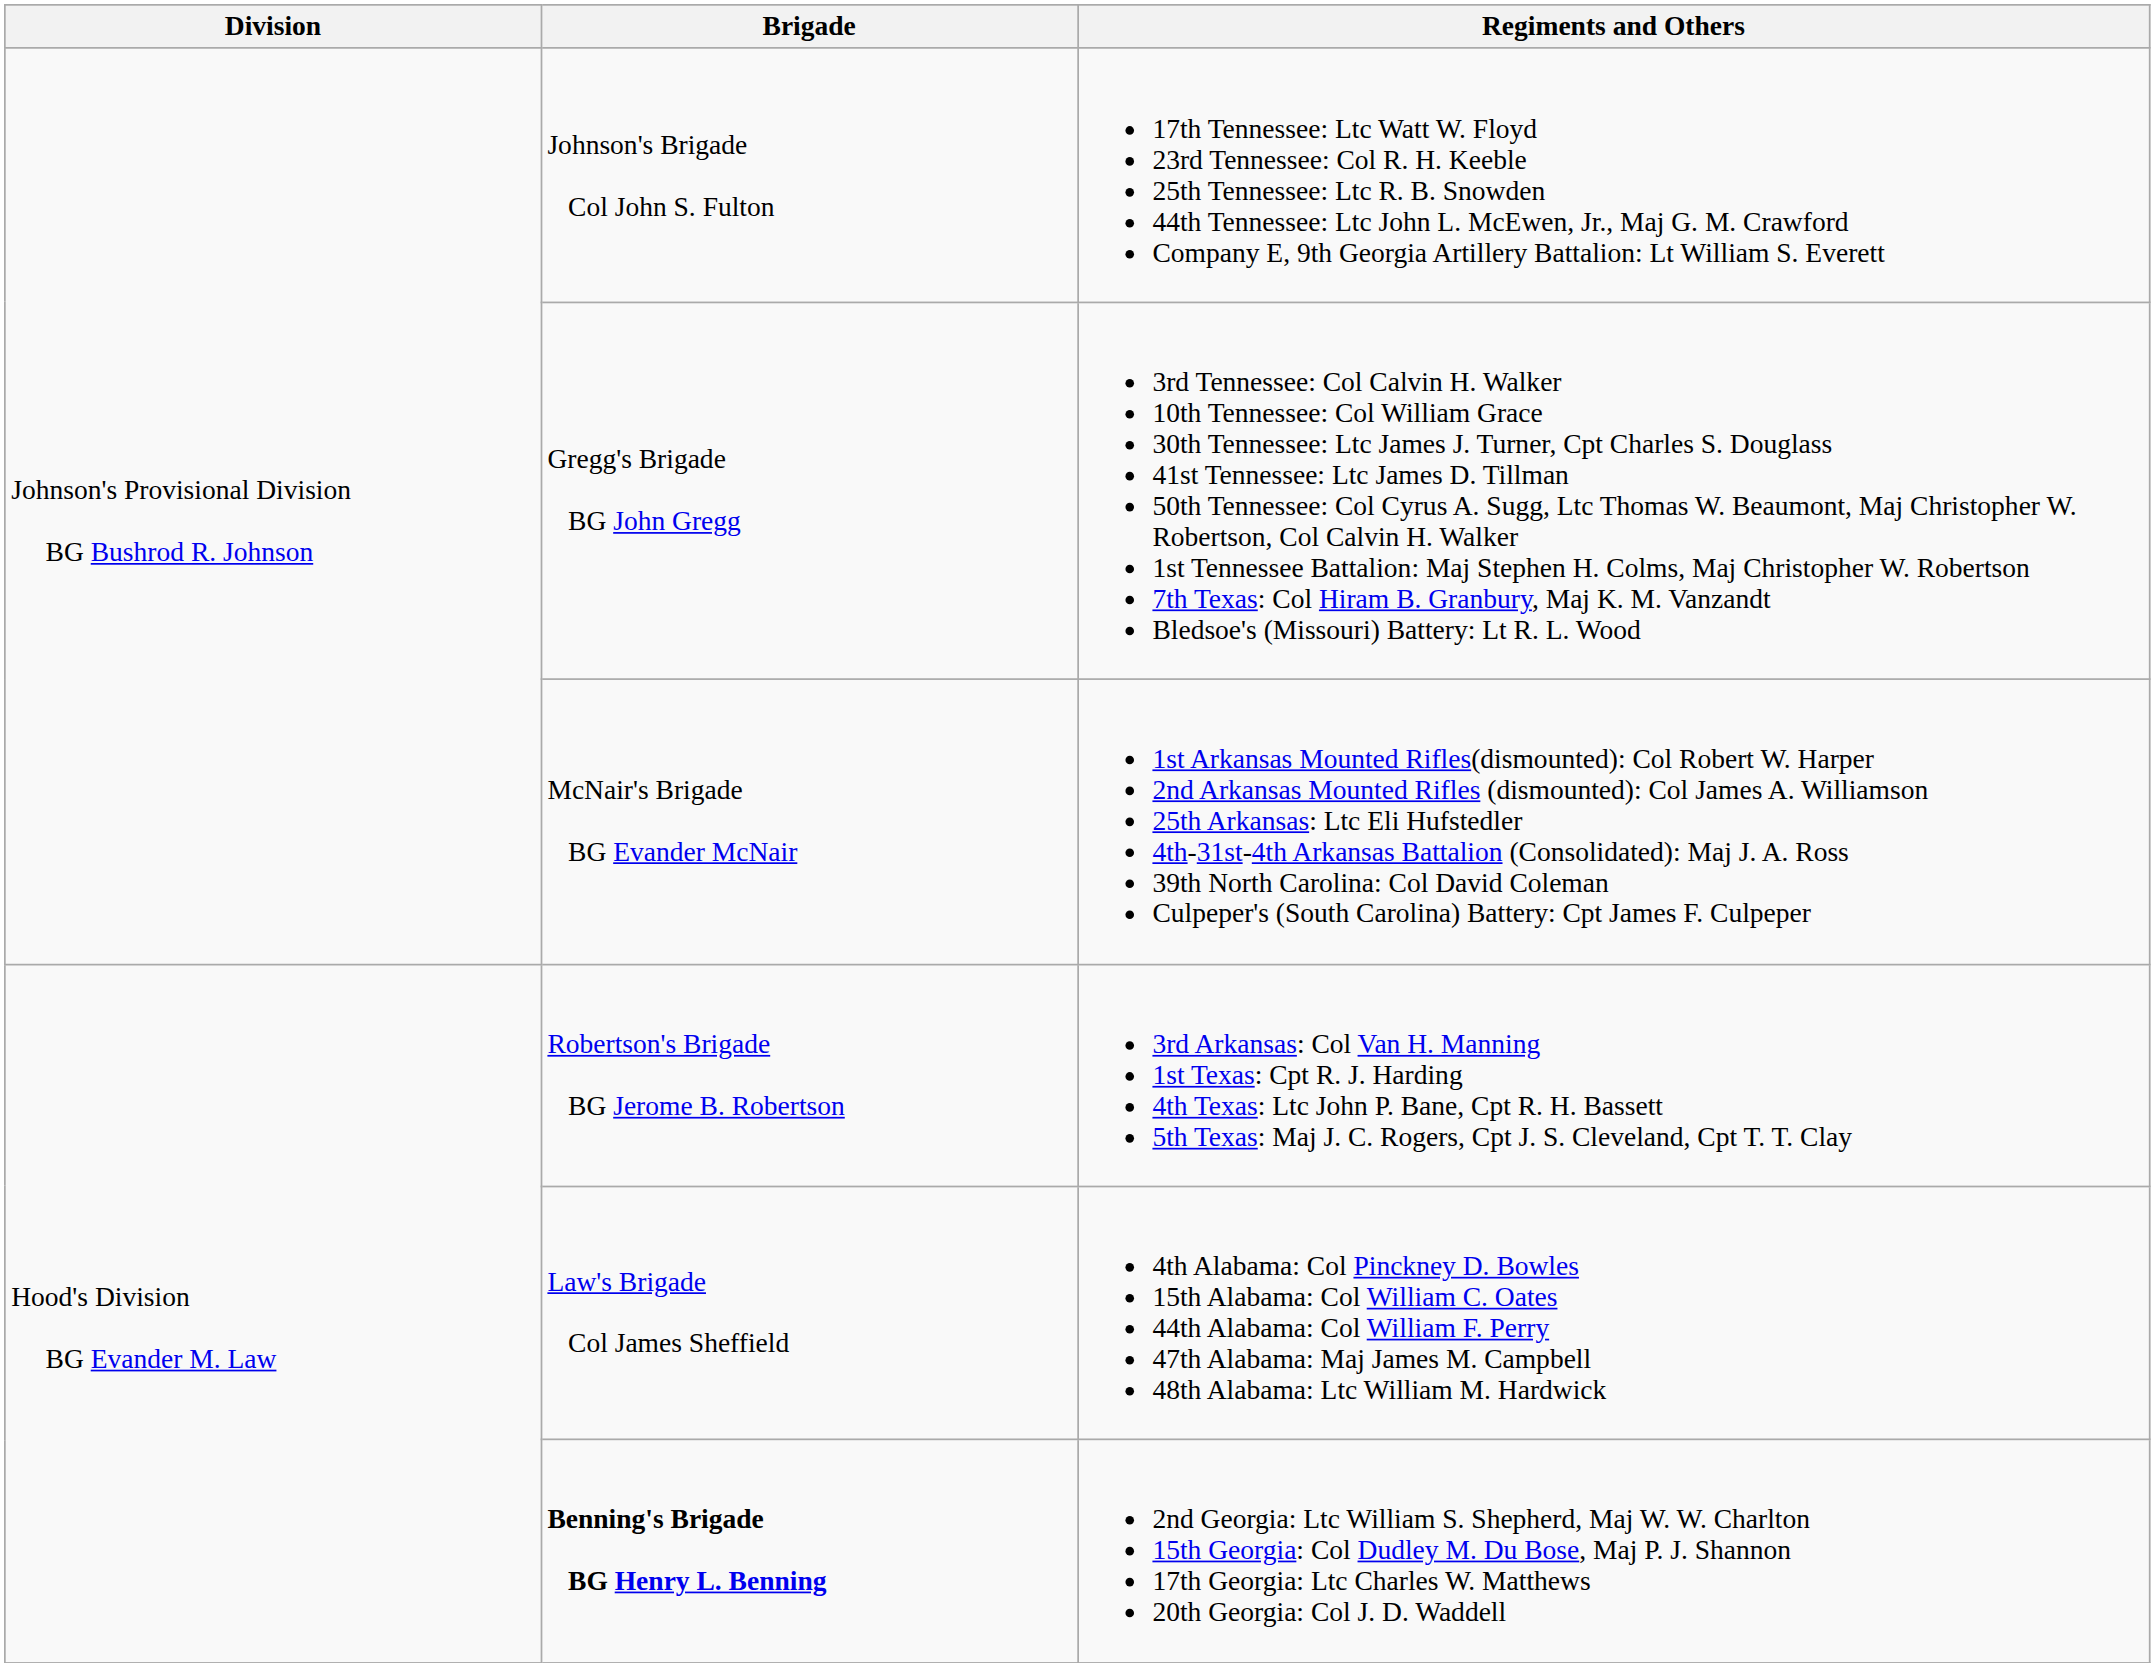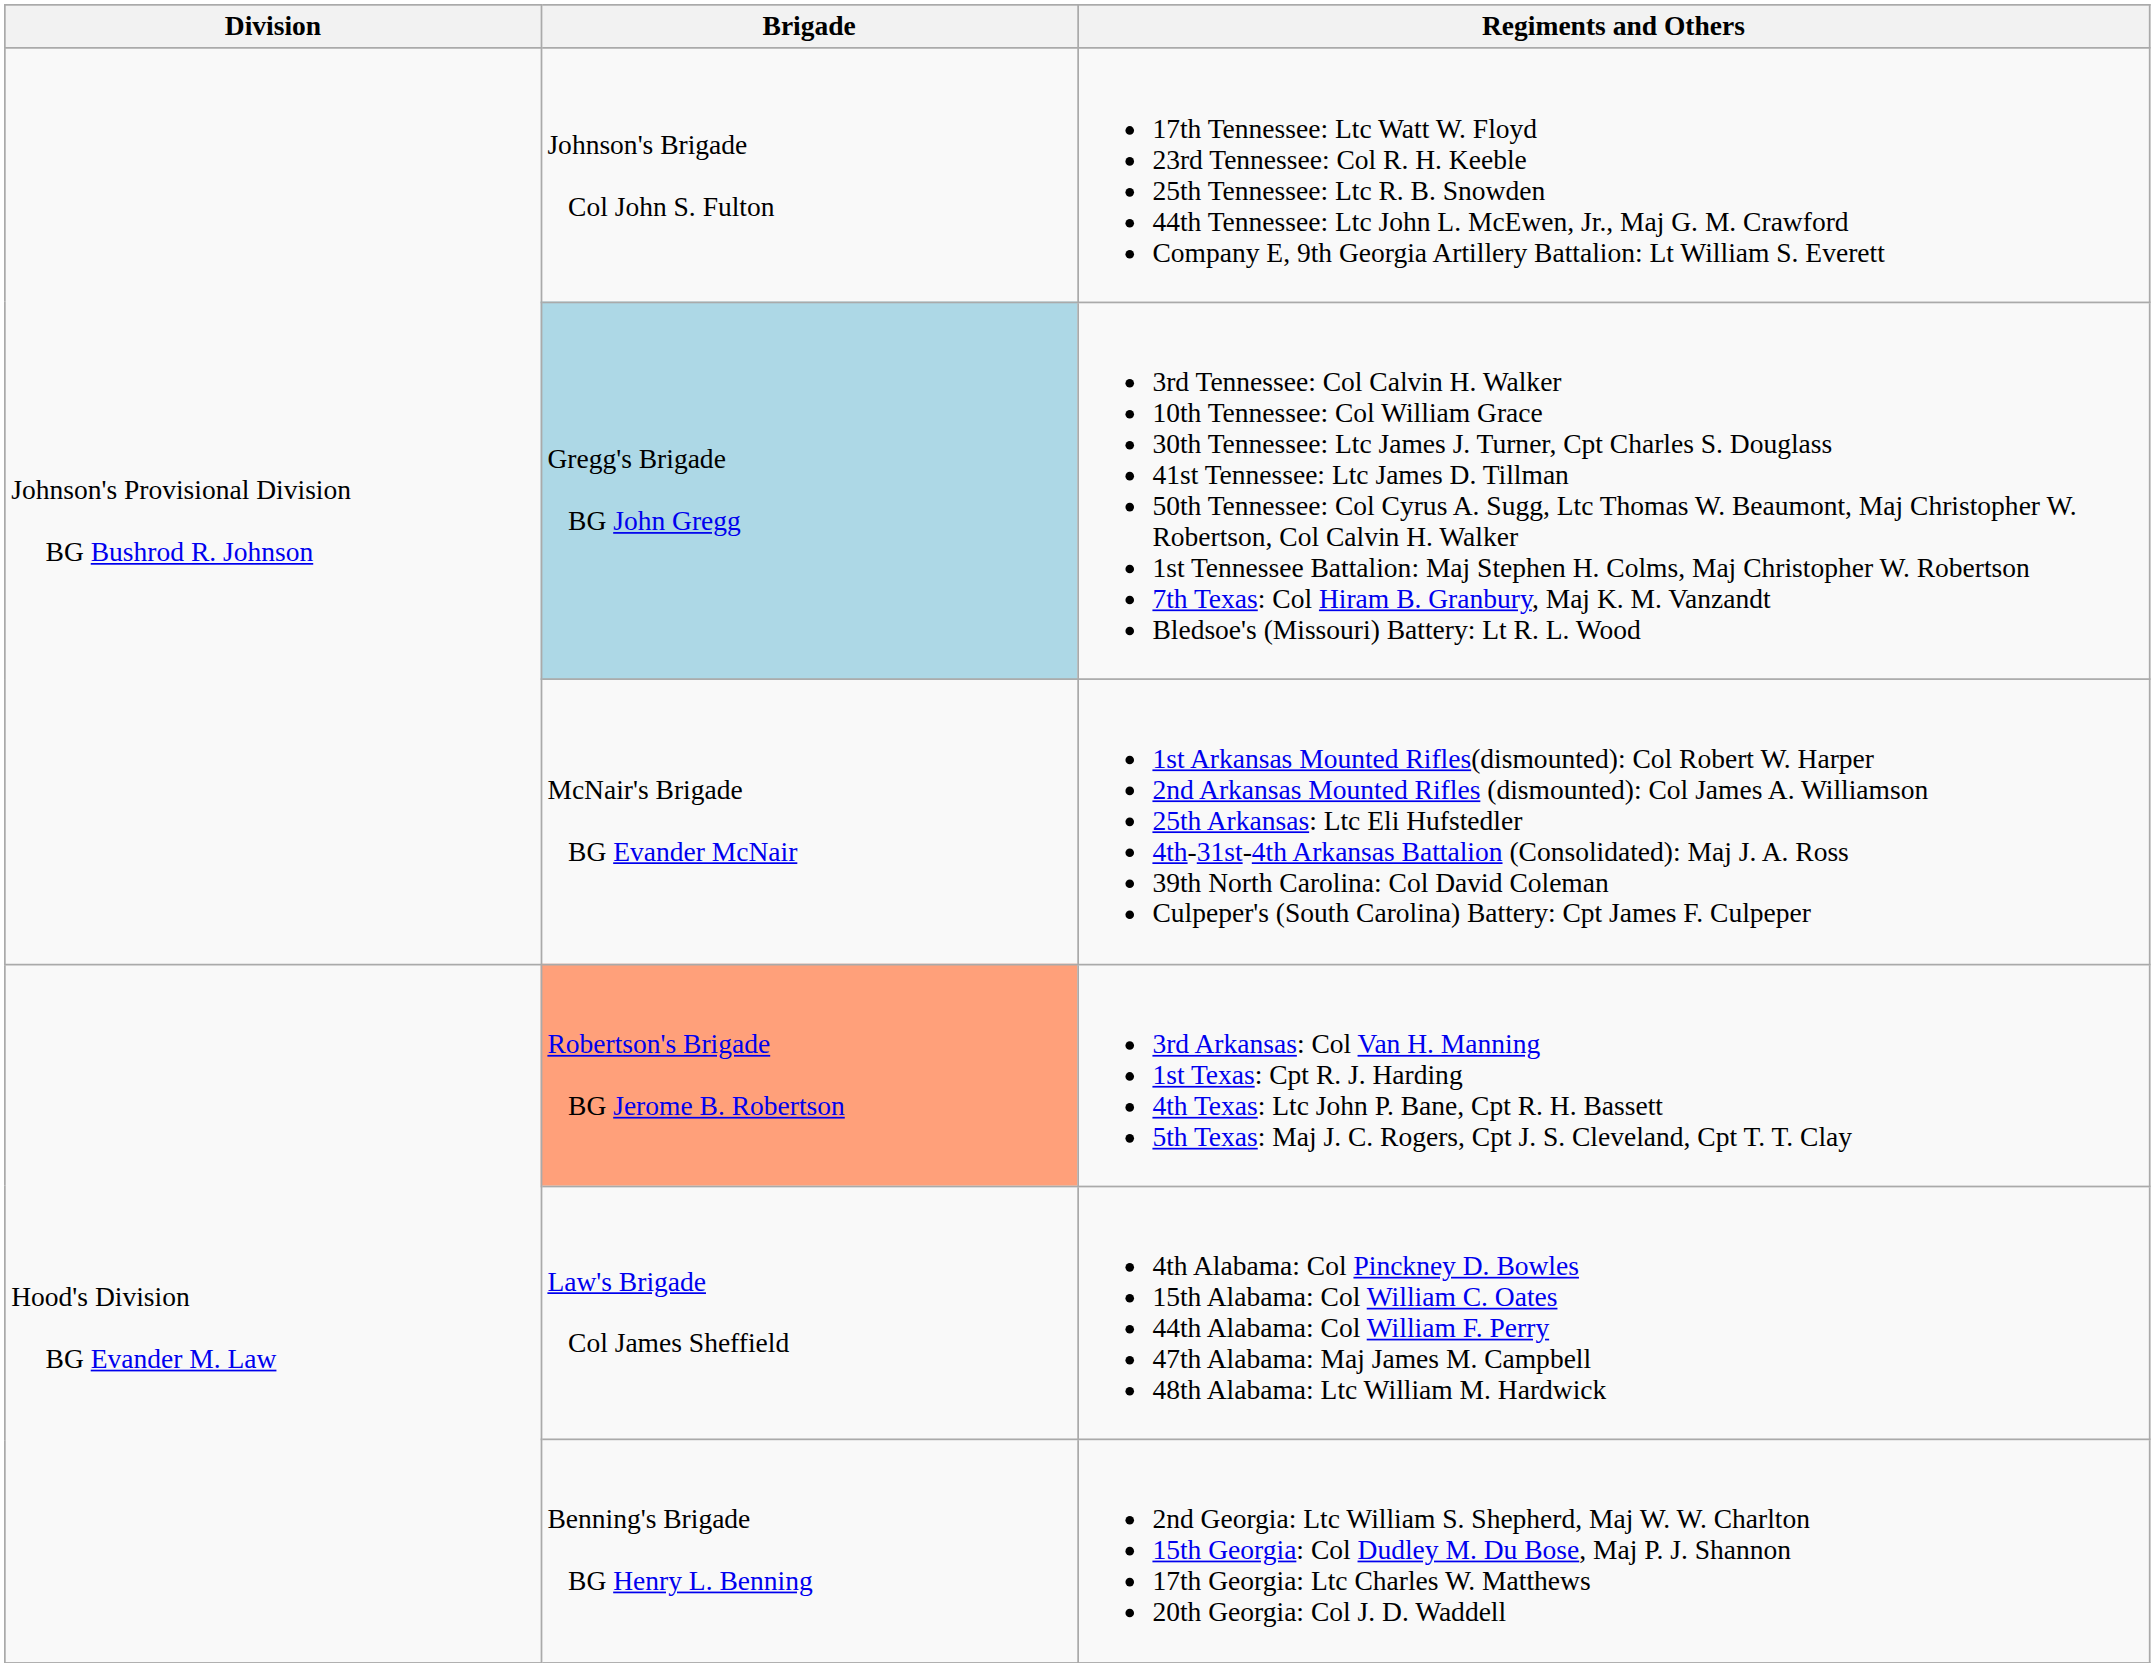 <table class="wikitable">
 <tr>
 <th width=25%>Division</th>
 <th width=25%>Brigade</th>
 <th>Regiments and Others</th>
 </tr>
 <tr>
 <td rowspan=3><br>Johnson's Provisional Division<br><br>     BG <a href='#'>Bushrod R. Johnson</a></td>
 <td>Johnson's Brigade<br><br>   Col John S. Fulton</td>
 <td><br><ul><li>17th Tennessee: Ltc Watt W. Floyd</li><li>23rd Tennessee: Col R. H. Keeble</li><li>25th Tennessee: Ltc R. B. Snowden</li><li>44th Tennessee: Ltc John L. McEwen, Jr., Maj G. M. Crawford</li><li>Company E, 9th Georgia Artillery Battalion: Lt William S. Everett</li></ul></td>
 </tr>
 <tr>
-<td>Gregg's Brigade<br><br>   BG <a href='#'>John Gregg</a></td>
+<td style="background: lightblue;">Gregg's Brigade<br><br>   BG <a href='#'>John Gregg</a></td>
 <td><br><ul><li>3rd Tennessee: Col Calvin H. Walker</li><li>10th Tennessee: Col William Grace</li><li>30th Tennessee: Ltc James J. Turner, Cpt Charles S. Douglass</li><li>41st Tennessee: Ltc James D. Tillman</li><li>50th Tennessee: Col Cyrus A. Sugg, Ltc Thomas W. Beaumont, Maj Christopher W. Robertson, Col Calvin H. Walker</li><li>1st Tennessee Battalion: Maj Stephen H. Colms, Maj Christopher W. Robertson</li><li><a href='#'>7th Texas</a>: Col <a href='#'>Hiram B. Granbury</a>, Maj K. M. Vanzandt</li><li>Bledsoe's (Missouri) Battery: Lt R. L. Wood</li></ul></td>
 </tr>
 <tr>
 <td>McNair's Brigade<br><br>   BG <a href='#'>Evander McNair</a></td>
 <td><br><ul><li><a href='#'>1st Arkansas Mounted Rifles</a>(dismounted): Col Robert W. Harper</li><li><a href='#'>2nd Arkansas Mounted Rifles</a> (dismounted):  Col James A. Williamson</li><li><a href='#'>25th Arkansas</a>: Ltc Eli Hufstedler</li><li><a href='#'>4th</a>-<a href='#'>31st</a>-<a href='#'>4th Arkansas Battalion</a> (Consolidated): Maj J. A. Ross</li><li>39th North Carolina: Col David Coleman</li><li>Culpeper's (South Carolina) Battery: Cpt James F. Culpeper</li></ul></td>
 </tr>
 <tr>
 <td rowspan=3><br>Hood's Division<br><br>     BG <a href='#'>Evander M. Law</a></td>
-<td><a href='#'>Robertson's Brigade</a><br><br>   BG <a href='#'>Jerome B. Robertson</a></td>
+<td style="background: lightsalmon;"><a href='#'>Robertson's Brigade</a><br><br>   BG <a href='#'>Jerome B. Robertson</a></td>
 <td><br><ul><li><a href='#'>3rd Arkansas</a>: Col <a href='#'>Van H. Manning</a></li><li><a href='#'>1st Texas</a>: Cpt R. J. Harding</li><li><a href='#'>4th Texas</a>: Ltc John P. Bane, Cpt R. H. Bassett</li><li><a href='#'>5th Texas</a>: Maj J. C. Rogers, Cpt J. S. Cleveland, Cpt T. T. Clay</li></ul></td>
 </tr>
 <tr>
 <td><a href='#'>Law's Brigade</a><br><br>   Col James Sheffield</td>
 <td><br><ul><li>4th Alabama: Col <a href='#'>Pinckney D. Bowles</a></li><li>15th Alabama: Col <a href='#'>William C. Oates</a></li><li>44th Alabama: Col <a href='#'>William F. Perry</a></li><li>47th Alabama: Maj James M. Campbell</li><li>48th Alabama: Ltc William M. Hardwick</li></ul></td>
 </tr>
 <tr>
-<td><strong>Benning's Brigade<br><br>   BG <a href='#'>Henry L. Benning</a></strong></td>
+<td>Benning's Brigade<br><br>   BG <a href='#'>Henry L. Benning</a></td>
 <td><br><ul><li>2nd Georgia: Ltc William S. Shepherd, Maj W. W. Charlton</li><li><a href='#'>15th Georgia</a>: Col <a href='#'>Dudley M. Du Bose</a>, Maj P. J. Shannon</li><li>17th Georgia: Ltc Charles W. Matthews</li><li>20th Georgia: Col J. D. Waddell</li></ul></td>
 </tr>
 </table>
